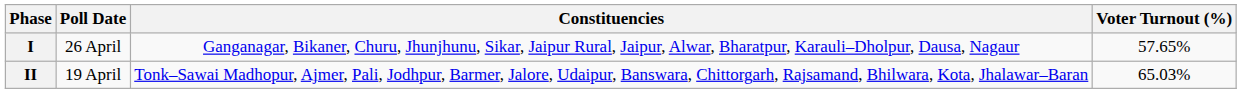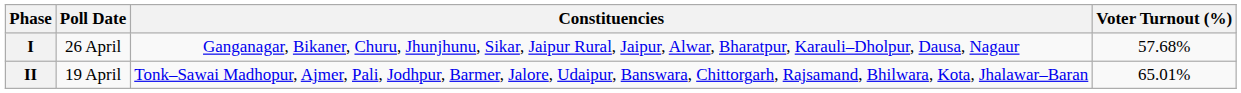 <table class="wikitable" style="text-align:center;margin:auto;font-size:90%;">
 <tr>
 <th>Phase</th>
 <th>Poll Date</th>
 <th>Constituencies</th>
 <th>Voter Turnout (%)</th>
 </tr>
 <tr>
 <th>I</th>
 <td>26 April</td>
 <td><a href='#'>Ganganagar</a>, <a href='#'>Bikaner</a>, <a href='#'>Churu</a>, <a href='#'>Jhunjhunu</a>, <a href='#'>Sikar</a>, <a href='#'>Jaipur Rural</a>, <a href='#'>Jaipur</a>, <a href='#'>Alwar</a>, <a href='#'>Bharatpur</a>, <a href='#'>Karauli–Dholpur</a>, <a href='#'>Dausa</a>, <a href='#'>Nagaur</a></td>
-<td>57.65%</td>
+<td>57.68%</td>
 </tr>
 <tr>
 <th>II</th>
 <td>19 April</td>
 <td><a href='#'>Tonk–Sawai Madhopur</a>, <a href='#'>Ajmer</a>, <a href='#'>Pali</a>, <a href='#'>Jodhpur</a>, <a href='#'>Barmer</a>, <a href='#'>Jalore</a>, <a href='#'>Udaipur</a>, <a href='#'>Banswara</a>, <a href='#'>Chittorgarh</a>, <a href='#'>Rajsamand</a>, <a href='#'>Bhilwara</a>, <a href='#'>Kota</a>, <a href='#'>Jhalawar–Baran</a></td>
-<td>65.03%</td>
+<td>65.01%</td>
 </tr>
 </table>
